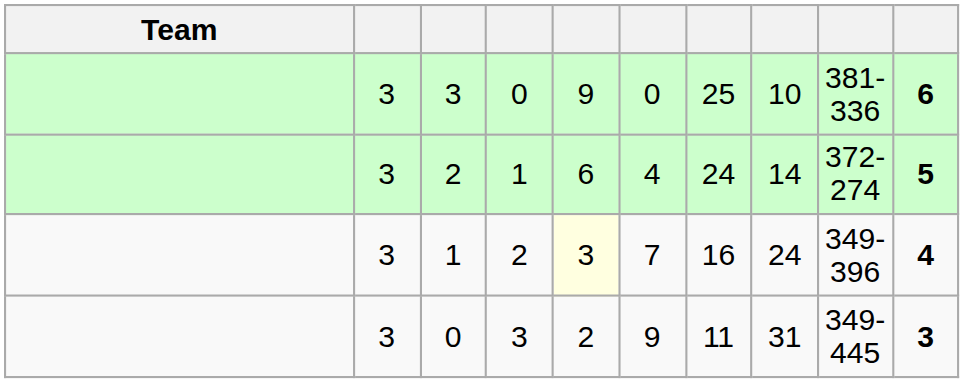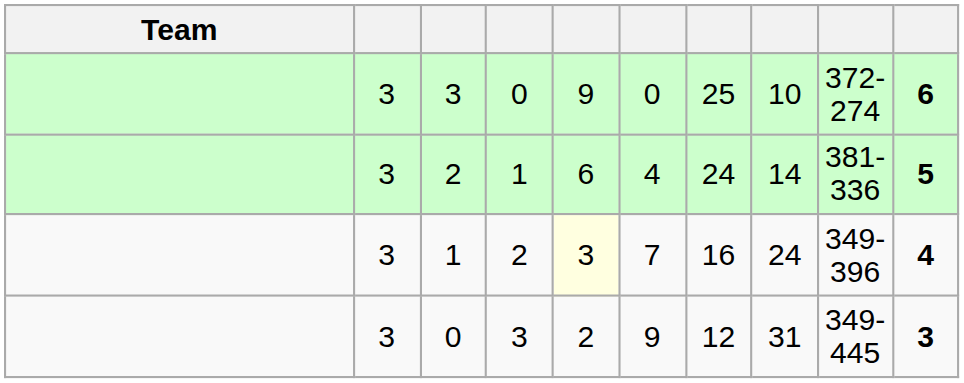 <table class="wikitable" style="text-align: center; font-size:90% ">
 <tr>
 <th width=160>Team</th>
 <th width=25></th>
 <th width=25></th>
 <th width=25></th>
 <th width=25></th>
 <th width=25></th>
 <th width=25></th>
 <th width=25></th>
 <th width=25></th>
 <th width=25></th>
 </tr>
 <tr bgcolor="ccffcc">
 <td align=left></td>
 <td>3</td>
 <td>3</td>
 <td>0</td>
 <td>9</td>
 <td>0</td>
 <td>25</td>
 <td>10</td>
-<td>381-336</td>
+<td>372-274</td>
 <td><strong>6</strong></td>
 </tr>
 <tr bgcolor="ccffcc">
 <td align=left></td>
 <td>3</td>
 <td>2</td>
 <td>1</td>
 <td>6</td>
 <td>4</td>
 <td>24</td>
 <td>14</td>
-<td>372-274</td>
+<td>381-336</td>
 <td><strong>5</strong></td>
 </tr>
 <tr>
 <td align=left></td>
 <td>3</td>
 <td>1</td>
 <td>2</td>
 <td style="background: lightyellow;">3</td>
 <td>7</td>
 <td>16</td>
 <td>24</td>
 <td>349-396</td>
 <td><strong>4</strong></td>
 </tr>
 <tr>
 <td align=left></td>
 <td>3</td>
 <td>0</td>
 <td>3</td>
 <td>2</td>
 <td>9</td>
-<td>11</td>
+<td>12</td>
 <td>31</td>
 <td>349-445</td>
 <td><strong>3</strong></td>
 </tr>
 </table>
